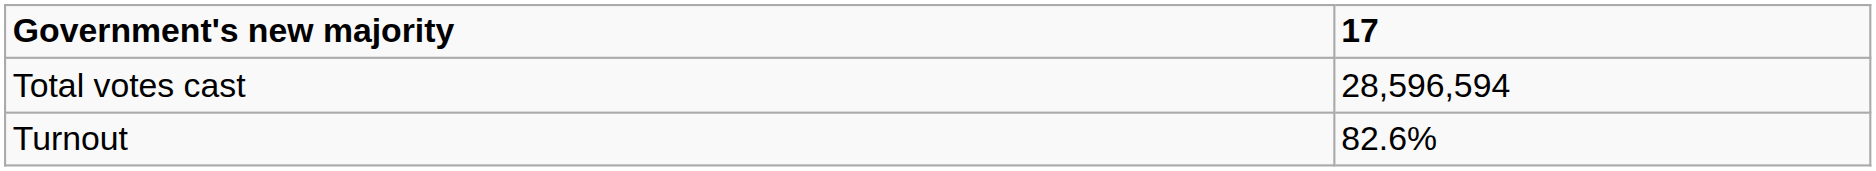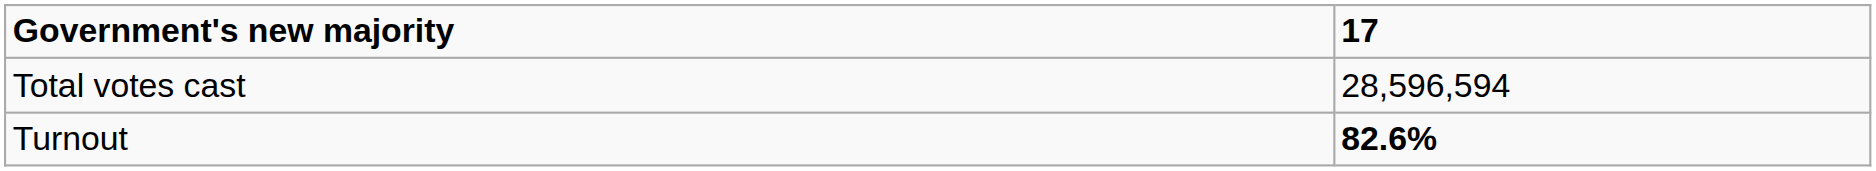 <table class="wikitable" style="width:70%">
 <tr>
 <td><strong>Government's new majority</strong></td>
 <td><strong>17</strong></td>
 </tr>
 <tr>
 <td>Total votes cast</td>
 <td>28,596,594</td>
 </tr>
 <tr>
 <td>Turnout</td>
-<td>82.6%</td>
+<td><strong>82.6%</strong></td>
 </tr>
 </table>
